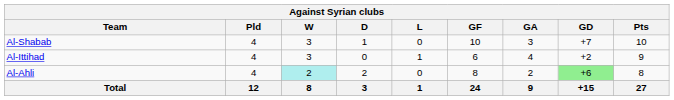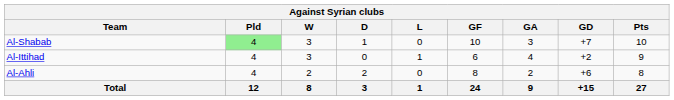 <table class="wikitable" style="width:70%; text-align:center;">
 <tr>
 <th colspan=9>Against Syrian clubs</th>
 </tr>
 <tr>
 <th style="width:20%;">Team</th>
 <th width=5%>Pld</th>
 <th width=5%>W</th>
 <th width=5%>D</th>
 <th width=5%>L</th>
 <th width=5%>GF</th>
 <th width=5%>GA</th>
 <th width=5%>GD</th>
 <th width=5%>Pts</th>
 </tr>
 <tr>
 <td align=left> <a href='#'>Al-Shabab</a></td>
-<td>4</td>
+<td style="background: lightgreen;">4</td>
 <td>3</td>
 <td>1</td>
 <td>0</td>
 <td>10</td>
 <td>3</td>
 <td>+7</td>
 <td>10</td>
 </tr>
 <tr>
 <td align=left> <a href='#'>Al-Ittihad</a></td>
 <td>4</td>
 <td>3</td>
 <td>0</td>
 <td>1</td>
 <td>6</td>
 <td>4</td>
 <td>+2</td>
 <td>9</td>
 </tr>
 <tr>
 <td align=left> <a href='#'>Al-Ahli</a></td>
 <td>4</td>
-<td style="background: paleturquoise;">2</td>
+<td>2</td>
 <td>2</td>
 <td>0</td>
 <td>8</td>
 <td>2</td>
-<td style="background: lightgreen;">+6</td>
+<td>+6</td>
 <td>8</td>
 </tr>
 <tr>
 <th>Total</th>
 <th>12</th>
 <th>8</th>
 <th>3</th>
 <th>1</th>
 <th>24</th>
 <th>9</th>
 <th>+15</th>
 <th>27</th>
 </tr>
 </table>
